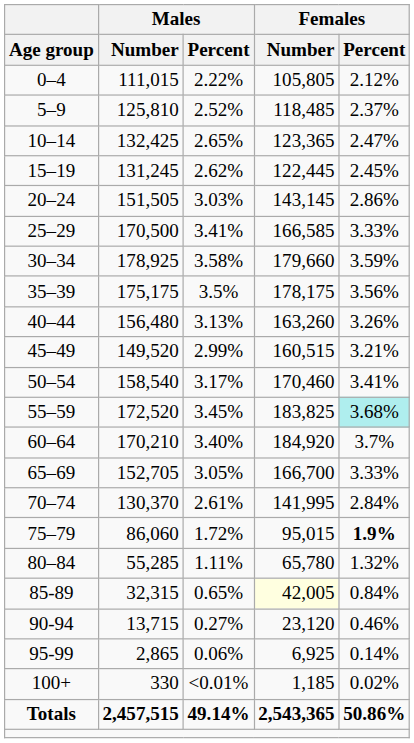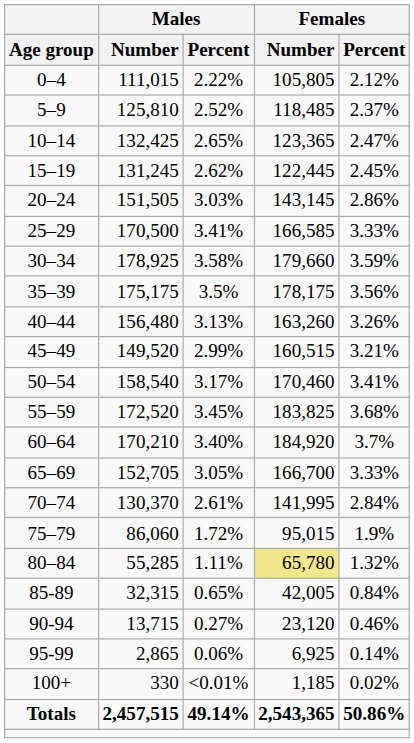 <table class="wikitable" style="text-align:center">
 <tr>
 <th> </th>
 <th colspan="2">Males</th>
 <th colspan="2">Females</th>
 </tr>
 <tr valign="bottom">
 <th>Age group</th>
 <th style="text-align: right;">Number</th>
 <th>Percent</th>
 <th style="text-align: right;">Number</th>
 <th>Percent</th>
 </tr>
 <tr>
 <td>0–4</td>
 <td style="text-align: right;">111,015</td>
 <td>2.22%</td>
 <td style="text-align: right;">105,805</td>
 <td>2.12%</td>
 </tr>
 <tr>
 <td>5–9</td>
 <td style="text-align: right;">125,810</td>
 <td>2.52%</td>
 <td style="text-align: right;">118,485</td>
 <td>2.37%</td>
 </tr>
 <tr>
 <td>10–14</td>
 <td style="text-align: right;">132,425</td>
 <td>2.65%</td>
 <td style="text-align: right;">123,365</td>
 <td>2.47%</td>
 </tr>
 <tr>
 <td>15–19</td>
 <td style="text-align: right;">131,245</td>
 <td>2.62%</td>
 <td style="text-align: right;">122,445</td>
 <td>2.45%</td>
 </tr>
 <tr>
 <td>20–24</td>
 <td style="text-align: right;">151,505</td>
 <td>3.03%</td>
 <td style="text-align: right;">143,145</td>
 <td>2.86%</td>
 </tr>
 <tr>
 <td>25–29</td>
 <td style="text-align: right;">170,500</td>
 <td>3.41%</td>
 <td style="text-align: right;">166,585</td>
 <td>3.33%</td>
 </tr>
 <tr>
 <td>30–34</td>
 <td style="text-align: right;">178,925</td>
 <td>3.58%</td>
 <td style="text-align: right;">179,660</td>
 <td>3.59%</td>
 </tr>
 <tr>
 <td>35–39</td>
 <td style="text-align: right;">175,175</td>
 <td>3.5%</td>
 <td style="text-align: right;">178,175</td>
 <td>3.56%</td>
 </tr>
 <tr>
 <td>40–44</td>
 <td style="text-align: right;">156,480</td>
 <td>3.13%</td>
 <td style="text-align: right;">163,260</td>
 <td>3.26%</td>
 </tr>
 <tr>
 <td>45–49</td>
 <td style="text-align: right;">149,520</td>
 <td>2.99%</td>
 <td style="text-align: right;">160,515</td>
 <td>3.21%</td>
 </tr>
 <tr>
 <td>50–54</td>
 <td style="text-align: right;">158,540</td>
 <td>3.17%</td>
 <td style="text-align: right;">170,460</td>
 <td>3.41%</td>
 </tr>
 <tr>
 <td>55–59</td>
 <td style="text-align: right;">172,520</td>
 <td>3.45%</td>
 <td style="text-align: right;">183,825</td>
-<td style="background: paleturquoise;">3.68%</td>
+<td>3.68%</td>
 </tr>
 <tr>
 <td>60–64</td>
 <td style="text-align: right;">170,210</td>
 <td>3.40%</td>
 <td style="text-align: right;">184,920</td>
 <td>3.7%</td>
 </tr>
 <tr>
 <td>65–69</td>
 <td style="text-align: right;">152,705</td>
 <td>3.05%</td>
 <td style="text-align: right;">166,700</td>
 <td>3.33%</td>
 </tr>
 <tr>
 <td>70–74</td>
 <td style="text-align: right;">130,370</td>
 <td>2.61%</td>
 <td style="text-align: right;">141,995</td>
 <td>2.84%</td>
 </tr>
 <tr>
 <td>75–79</td>
 <td style="text-align: right;">86,060</td>
 <td>1.72%</td>
 <td style="text-align: right;">95,015</td>
-<td><strong>1.9%</strong></td>
+<td>1.9%</td>
 </tr>
 <tr>
 <td>80–84</td>
 <td style="text-align: right;">55,285</td>
 <td>1.11%</td>
-<td style="text-align: right;">65,780</td>
+<td style="background: khaki; text-align: right;">65,780</td>
 <td>1.32%</td>
 </tr>
 <tr>
 <td>85-89</td>
 <td style="text-align: right;">32,315</td>
 <td>0.65%</td>
-<td style="background: lightyellow; text-align: right;">42,005</td>
+<td style="text-align: right;">42,005</td>
 <td>0.84%</td>
 </tr>
 <tr>
 <td>90-94</td>
 <td style="text-align: right;">13,715</td>
 <td>0.27%</td>
 <td style="text-align: right;">23,120</td>
 <td>0.46%</td>
 </tr>
 <tr>
 <td>95-99</td>
 <td style="text-align: right;">2,865</td>
 <td>0.06%</td>
 <td style="text-align: right;">6,925</td>
 <td>0.14%</td>
 </tr>
 <tr>
 <td>100+</td>
 <td style="text-align: right;">330</td>
 <td><0.01%</td>
 <td style="text-align: right;">1,185</td>
 <td>0.02%</td>
 </tr>
 <tr>
 <td><strong>Totals</strong></td>
 <td style="text-align: right;"><strong>2,457,515</strong></td>
 <td><strong> 49.14%</strong></td>
 <td style="text-align: right;"><strong>2,543,365</strong></td>
 <td><strong>50.86%</strong></td>
 </tr>
 <tr>
 <td colspan="5"></td>
 </tr>
 </table>
